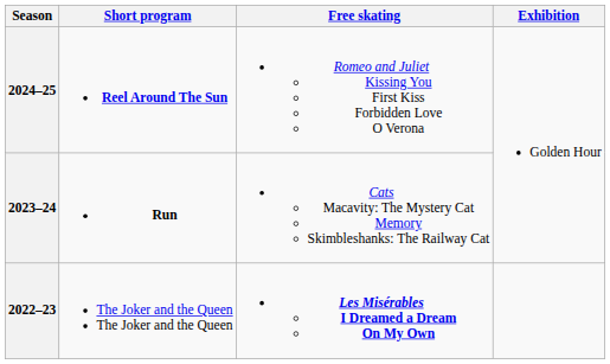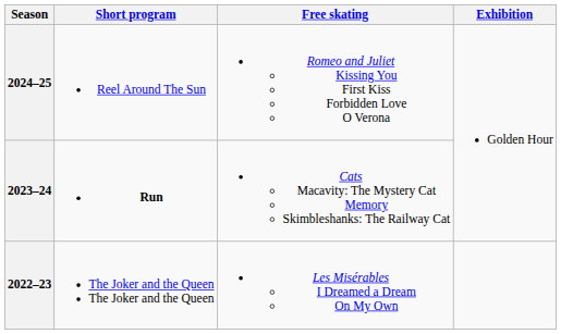 <table class=wikitable style=text-align:center>
 <tr>
 <th>Season</th>
 <th><a href='#'>Short program</a></th>
 <th><a href='#'>Free skating</a></th>
 <th><a href='#'>Exhibition</a></th>
 </tr>
 <tr>
 <th>2024–25 <br> </th>
-<td><strong><br><ul><li><a href='#'>Reel Around The Sun</a> <br></li></ul></strong></td>
+<td><br><ul><li><a href='#'>Reel Around The Sun</a> <br></li></ul></td>
 <td><br><ul><li><em><a href='#'>Romeo and Juliet</a></em><ul><li><a href='#'>Kissing You</a> <br> </li><li>First Kiss</li><li>Forbidden Love <br> </li><li>O Verona <br> </li></ul></li></ul></td>
 <td rowspan=2><br><ul><li>Golden Hour<br></li></ul></td>
 </tr>
 <tr>
 <th>2023–24 <br> </th>
 <td><strong><br><ul><li>Run <br></li></ul></strong></td>
 <td><br><ul><li><em><a href='#'>Cats</a></em> <br><ul><li>Macavity: The Mystery Cat <br> </li><li><a href='#'>Memory</a> <br> </li><li>Skimbleshanks: The Railway Cat <br> </li></ul></li></ul></td>
 </tr>
 <tr>
 <th>2022–23 <br> </th>
 <td><br><ul><li><a href='#'>The Joker and the Queen</a> <br> </li><li>The Joker and the Queen <br></li></ul></td>
-<td><strong><br><ul><li><em><a href='#'>Les Misérables</a></em> <br> <ul><li><a href='#'>I Dreamed a Dream</a> <br></li><li><a href='#'>On My Own</a> <br> </li></ul></li></ul></strong></td>
+<td><br><ul><li><em><a href='#'>Les Misérables</a></em> <br> <ul><li><a href='#'>I Dreamed a Dream</a> <br></li><li><a href='#'>On My Own</a> <br> </li></ul></li></ul></td>
 <td></td>
 </tr>
 </table>
